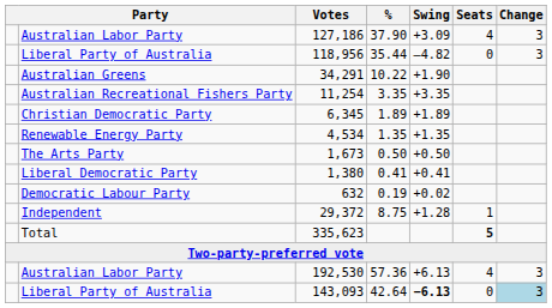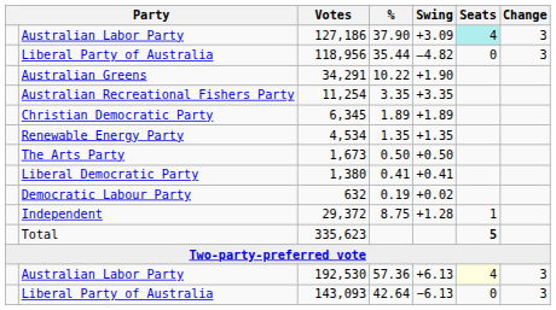 <table class="wikitable">
 <tr>
 <th style="width:200px" colspan=3><strong>Party</strong></th>
 <th style="width:70px; text-align:center;"><strong>Votes</strong></th>
 <th style="width:40px; text-align:center;"><strong>%</strong></th>
 <th style="width:40px; text-align:center;"><strong>Swing</strong></th>
 <th style="width:40px; text-align:center;"><strong>Seats</strong></th>
 <th style="width:40px; text-align:center;"><strong>Change</strong></th>
 </tr>
 <tr>
 <td> </td>
 <td colspan=2><a href='#'>Australian Labor Party</a></td>
 <td align=right>127,186</td>
 <td align=right>37.90</td>
 <td align=right>+3.09</td>
-<td align=right>4</td>
+<td align=right style="background: paleturquoise;">4</td>
 <td align=right> 3</td>
 </tr>
 <tr>
 <td> </td>
 <td colspan=2><a href='#'>Liberal Party of Australia</a></td>
 <td align=right>118,956</td>
 <td align=right>35.44</td>
 <td align=right>–4.82</td>
 <td align=right>0</td>
 <td align=right> 3</td>
 </tr>
 <tr>
 <td> </td>
 <td colspan=2><a href='#'>Australian Greens</a></td>
 <td align=right>34,291</td>
 <td align=right>10.22</td>
 <td align=right>+1.90</td>
 <td align=right></td>
 <td align=right></td>
 </tr>
 <tr>
 <td> </td>
 <td colspan=2><a href='#'>Australian Recreational Fishers Party</a></td>
 <td align=right>11,254</td>
 <td align=right>3.35</td>
 <td align=right>+3.35</td>
 <td align=right></td>
 <td align=right></td>
 </tr>
 <tr>
 <td> </td>
 <td colspan=2><a href='#'>Christian Democratic Party</a></td>
 <td align=right>6,345</td>
 <td align=right>1.89</td>
 <td align=right>+1.89</td>
 <td align=right></td>
 <td align=right></td>
 </tr>
 <tr>
 <td> </td>
 <td colspan=2><a href='#'>Renewable Energy Party</a></td>
 <td align=right>4,534</td>
 <td align=right>1.35</td>
 <td align=right>+1.35</td>
 <td align=right></td>
 <td align=right></td>
 </tr>
 <tr>
 <td> </td>
 <td colspan=2><a href='#'>The Arts Party</a></td>
 <td align=right>1,673</td>
 <td align=right>0.50</td>
 <td align=right>+0.50</td>
 <td align=right></td>
 <td align=right></td>
 </tr>
 <tr>
 <td> </td>
 <td colspan=2><a href='#'>Liberal Democratic Party</a></td>
 <td align=right>1,380</td>
 <td align=right>0.41</td>
 <td align=right>+0.41</td>
 <td align=right></td>
 <td align=right></td>
 </tr>
 <tr>
 <td> </td>
 <td colspan=2><a href='#'>Democratic Labour Party</a></td>
 <td align=right>632</td>
 <td align=right>0.19</td>
 <td align=right>+0.02</td>
 <td align=right></td>
 <td align=right></td>
 </tr>
 <tr>
 <td> </td>
 <td colspan=2><a href='#'>Independent</a></td>
 <td align=right>29,372</td>
 <td align=right>8.75</td>
 <td align=right>+1.28</td>
 <td align=right>1</td>
 <td align=right></td>
 </tr>
 <tr>
 <td> </td>
 <td colspan=2>Total</td>
 <td align=right>335,623</td>
 <td align=right> </td>
 <td align=right> </td>
 <td align=right><strong>5</strong></td>
 <td align=right></td>
 </tr>
 <tr>
 <td colspan="9"  style="text-align:center; background:#eee;"><strong><a href='#'>Two-party-preferred vote</a></strong></td>
 </tr>
 <tr>
 <td> </td>
 <td colspan=2><a href='#'>Australian Labor Party</a></td>
 <td align=right>192,530</td>
 <td align=right>57.36</td>
 <td align=right>+6.13</td>
-<td align=right>4</td>
+<td align=right style="background: lightyellow;">4</td>
 <td align=right> 3</td>
 </tr>
 <tr>
 <td> </td>
 <td colspan=2><a href='#'>Liberal Party of Australia</a></td>
 <td align=right>143,093</td>
 <td align=right>42.64</td>
-<td align=right><strong>−6.13</strong></td>
+<td align=right>−6.13</td>
 <td align=right>0</td>
-<td align=right style="background: lightblue;"> 3</td>
+<td align=right> 3</td>
 </tr>
 </table>
